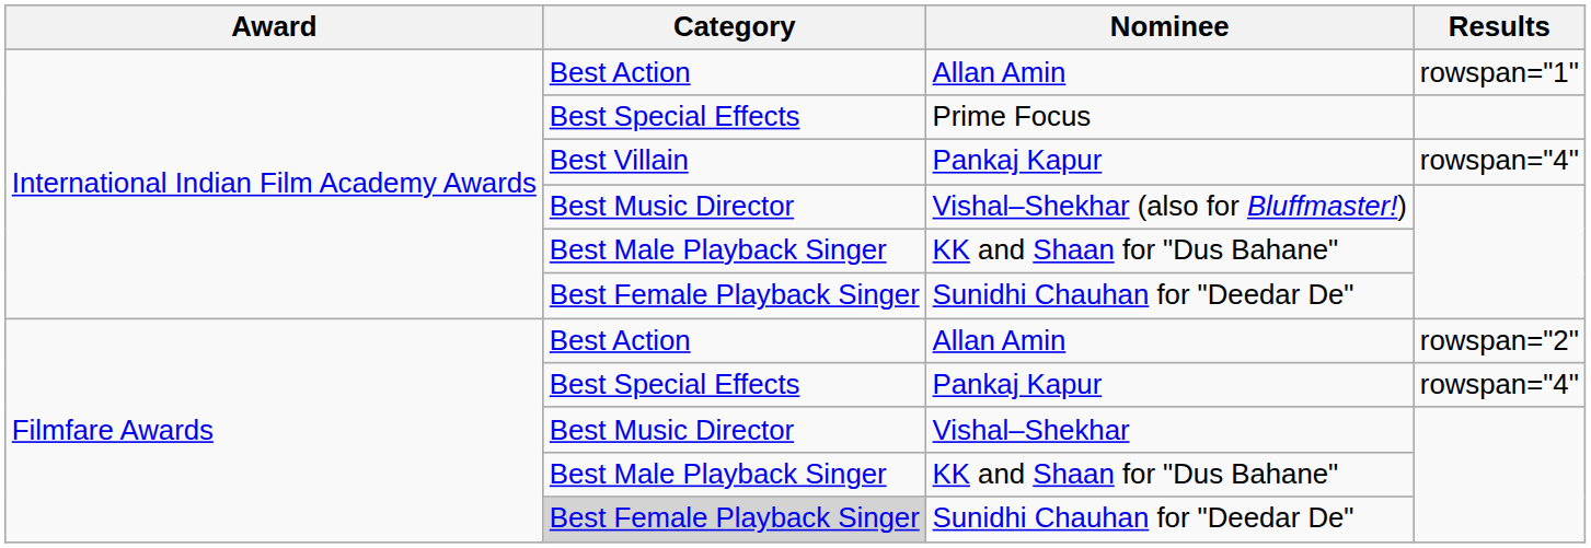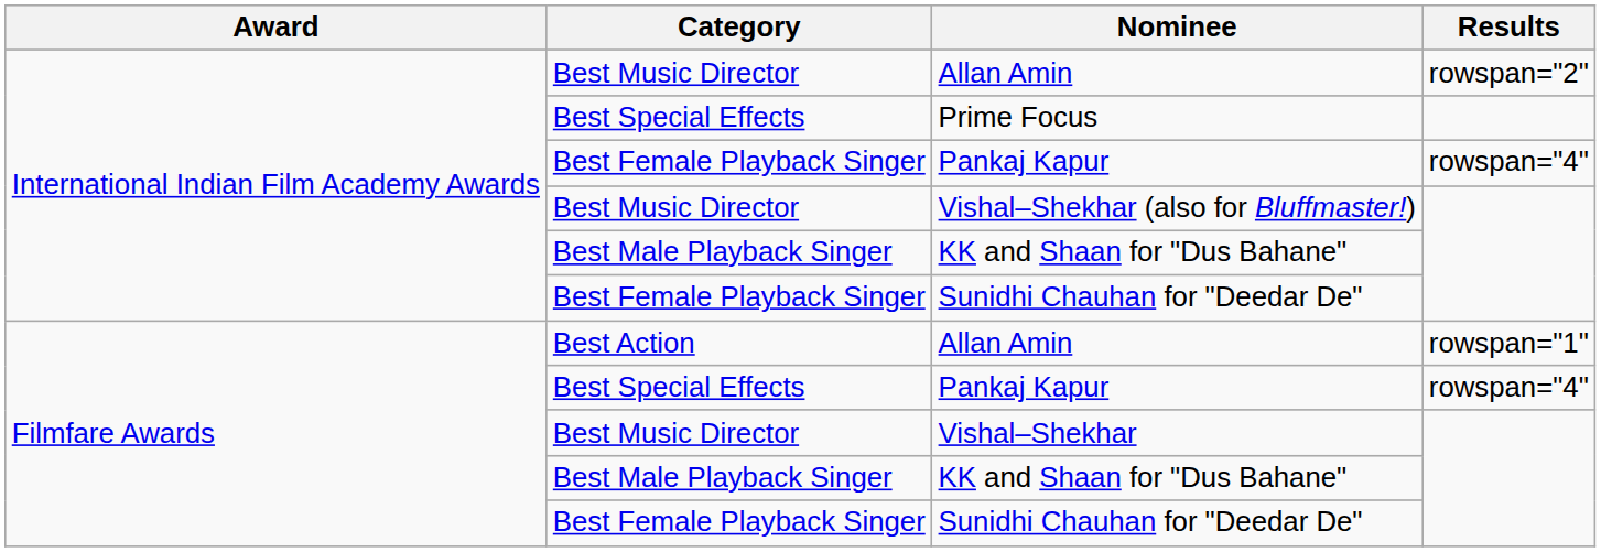 <table class="wikitable plainrowheaders sortable">
 <tr>
 <th>Award</th>
 <th>Category</th>
 <th>Nominee</th>
 <th>Results</th>
 </tr>
 <tr>
 <td rowspan="6"><a href='#'>International Indian Film Academy Awards</a></td>
-<td><a href='#'>Best Action</a></td>
+<td><a href='#'>Best Music Director</a></td>
 <td><a href='#'>Allan Amin</a></td>
-<td>rowspan="1" </td>
+<td>rowspan="2" </td>
 </tr>
 <tr>
 <td><a href='#'>Best Special Effects</a></td>
 <td>Prime Focus</td>
 </tr>
 <tr>
-<td><a href='#'>Best Villain</a></td>
+<td><a href='#'>Best Female Playback Singer</a></td>
 <td><a href='#'>Pankaj Kapur</a></td>
 <td>rowspan="4" </td>
 </tr>
 <tr>
 <td><a href='#'>Best Music Director</a></td>
 <td><a href='#'>Vishal–Shekhar</a> (also for <em><a href='#'>Bluffmaster!</a></em>)</td>
 </tr>
 <tr>
 <td><a href='#'>Best Male Playback Singer</a></td>
 <td><a href='#'>KK</a> and <a href='#'>Shaan</a> for "Dus Bahane"</td>
 </tr>
 <tr>
 <td><a href='#'>Best Female Playback Singer</a></td>
 <td><a href='#'>Sunidhi Chauhan</a> for "Deedar De"</td>
 </tr>
 <tr>
 <td rowspan="5"><a href='#'>Filmfare Awards</a></td>
 <td><a href='#'>Best Action</a></td>
 <td><a href='#'>Allan Amin</a></td>
-<td>rowspan="2" </td>
+<td>rowspan="1" </td>
 </tr>
 <tr>
 <td><a href='#'>Best Special Effects</a></td>
 <td><a href='#'>Pankaj Kapur</a></td>
 <td>rowspan="4" </td>
 </tr>
 <tr>
 <td><a href='#'>Best Music Director</a></td>
 <td><a href='#'>Vishal–Shekhar</a></td>
 </tr>
 <tr>
 <td><a href='#'>Best Male Playback Singer</a></td>
 <td><a href='#'>KK</a> and <a href='#'>Shaan</a> for "Dus Bahane"</td>
 </tr>
 <tr>
-<td style="background: lightgrey;"><a href='#'>Best Female Playback Singer</a></td>
+<td><a href='#'>Best Female Playback Singer</a></td>
 <td><a href='#'>Sunidhi Chauhan</a> for "Deedar De"</td>
 </tr>
 </table>
